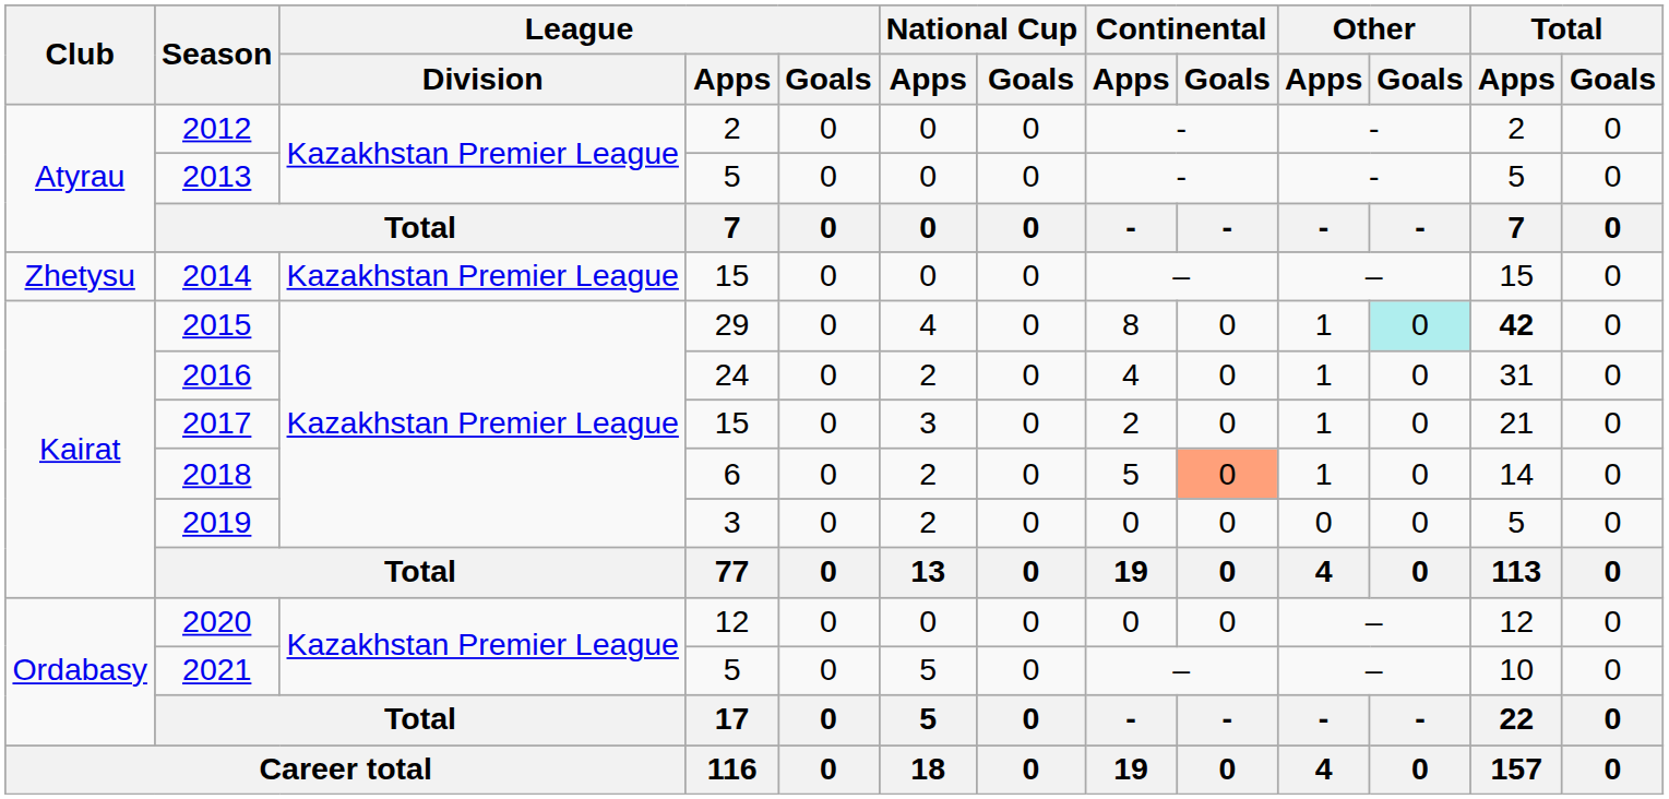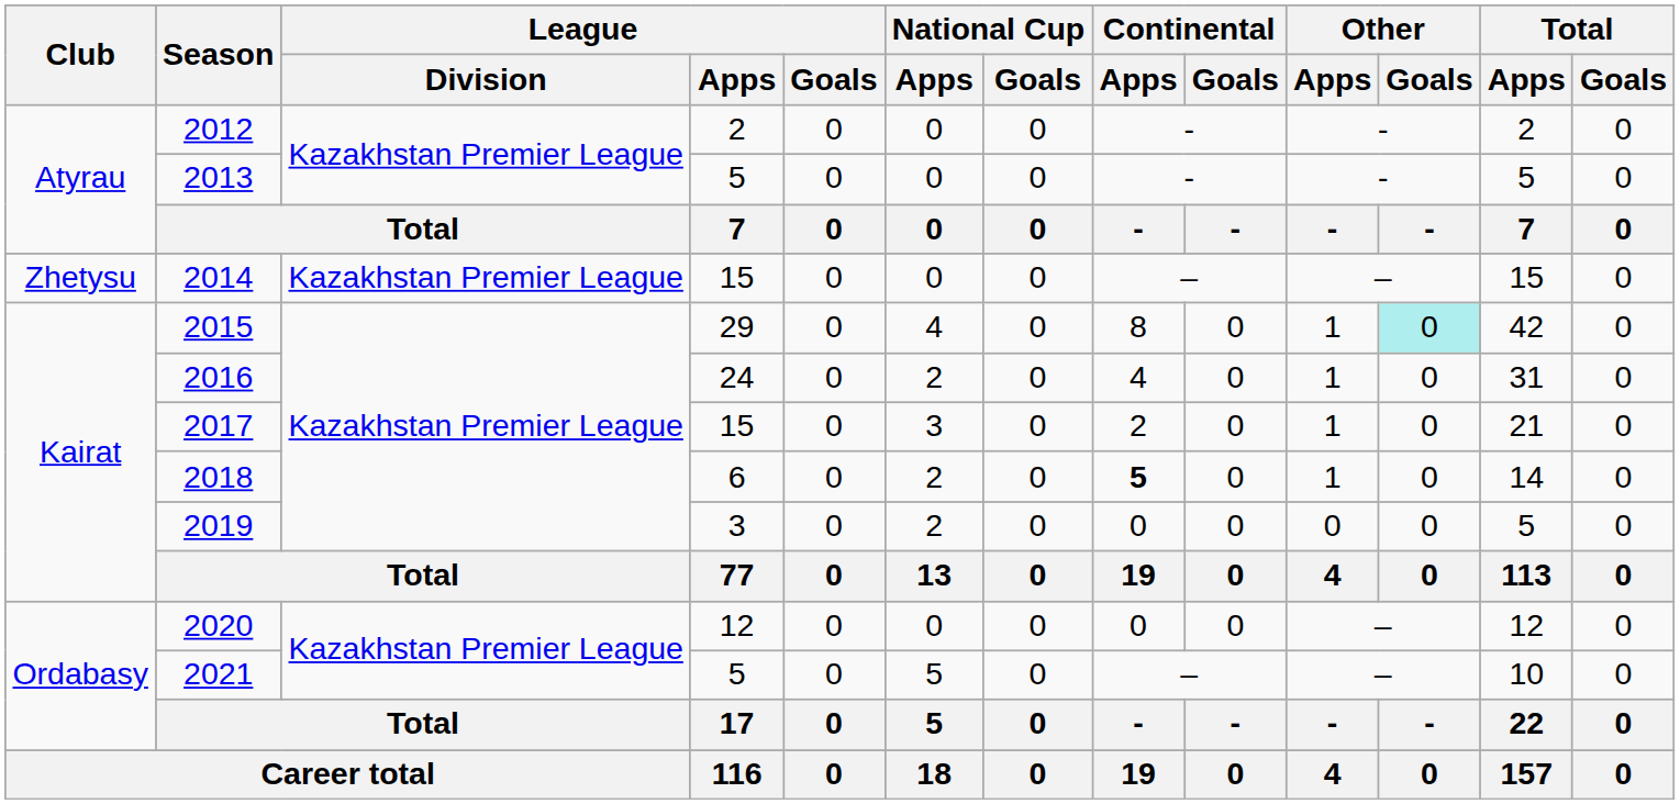 <table class="wikitable" style="text-align: center;">
 <tr>
 <th rowspan="2">Club</th>
 <th rowspan="2">Season</th>
 <th colspan="3">League</th>
 <th colspan="2">National Cup</th>
 <th colspan="2">Continental</th>
 <th colspan="2">Other</th>
 <th colspan="2">Total</th>
 </tr>
 <tr>
 <th>Division</th>
 <th>Apps</th>
 <th>Goals</th>
 <th>Apps</th>
 <th>Goals</th>
 <th>Apps</th>
 <th>Goals</th>
 <th>Apps</th>
 <th>Goals</th>
 <th>Apps</th>
 <th>Goals</th>
 </tr>
 <tr>
 <td rowspan="3" valign="center"><a href='#'>Atyrau</a></td>
 <td><a href='#'>2012</a></td>
 <td rowspan="2" valign="center"><a href='#'>Kazakhstan Premier League</a></td>
 <td>2</td>
 <td>0</td>
 <td>0</td>
 <td>0</td>
 <td colspan="2">-</td>
 <td colspan="2">-</td>
 <td>2</td>
 <td>0</td>
 </tr>
 <tr>
 <td><a href='#'>2013</a></td>
 <td>5</td>
 <td>0</td>
 <td>0</td>
 <td>0</td>
 <td colspan="2">-</td>
 <td colspan="2">-</td>
 <td>5</td>
 <td>0</td>
 </tr>
 <tr>
 <th colspan="2">Total</th>
 <th>7</th>
 <th>0</th>
 <th>0</th>
 <th>0</th>
 <th>-</th>
 <th>-</th>
 <th>-</th>
 <th>-</th>
 <th>7</th>
 <th>0</th>
 </tr>
 <tr>
 <td valign="center"><a href='#'>Zhetysu</a></td>
 <td><a href='#'>2014</a></td>
 <td><a href='#'>Kazakhstan Premier League</a></td>
 <td>15</td>
 <td>0</td>
 <td>0</td>
 <td>0</td>
 <td colspan="2">–</td>
 <td colspan="2">–</td>
 <td>15</td>
 <td>0</td>
 </tr>
 <tr>
 <td rowspan="6" valign="center"><a href='#'>Kairat</a></td>
 <td><a href='#'>2015</a></td>
 <td rowspan="5" valign="center"><a href='#'>Kazakhstan Premier League</a></td>
 <td>29</td>
 <td>0</td>
 <td>4</td>
 <td>0</td>
 <td>8</td>
 <td>0</td>
 <td>1</td>
 <td style="background: paleturquoise;">0</td>
-<td><strong>42</strong></td>
+<td>42</td>
 <td>0</td>
 </tr>
 <tr>
 <td><a href='#'>2016</a></td>
 <td>24</td>
 <td>0</td>
 <td>2</td>
 <td>0</td>
 <td>4</td>
 <td>0</td>
 <td>1</td>
 <td>0</td>
 <td>31</td>
 <td>0</td>
 </tr>
 <tr>
 <td><a href='#'>2017</a></td>
 <td>15</td>
 <td>0</td>
 <td>3</td>
 <td>0</td>
 <td>2</td>
 <td>0</td>
 <td>1</td>
 <td>0</td>
 <td>21</td>
 <td>0</td>
 </tr>
 <tr>
 <td><a href='#'>2018</a></td>
 <td>6</td>
 <td>0</td>
 <td>2</td>
 <td>0</td>
-<td>5</td>
-<td style="background: lightsalmon;">0</td>
+<td><strong>5</strong></td>
+<td>0</td>
 <td>1</td>
 <td>0</td>
 <td>14</td>
 <td>0</td>
 </tr>
 <tr>
 <td><a href='#'>2019</a></td>
 <td>3</td>
 <td>0</td>
 <td>2</td>
 <td>0</td>
 <td>0</td>
 <td>0</td>
 <td>0</td>
 <td>0</td>
 <td>5</td>
 <td>0</td>
 </tr>
 <tr>
 <th colspan="2">Total</th>
 <th>77</th>
 <th>0</th>
 <th>13</th>
 <th>0</th>
 <th>19</th>
 <th>0</th>
 <th>4</th>
 <th>0</th>
 <th>113</th>
 <th>0</th>
 </tr>
 <tr>
 <td rowspan="3" valign="center"><a href='#'>Ordabasy</a></td>
 <td><a href='#'>2020</a></td>
 <td rowspan="2" valign="center"><a href='#'>Kazakhstan Premier League</a></td>
 <td>12</td>
 <td>0</td>
 <td>0</td>
 <td>0</td>
 <td>0</td>
 <td>0</td>
 <td colspan="2">–</td>
 <td>12</td>
 <td>0</td>
 </tr>
 <tr>
 <td><a href='#'>2021</a></td>
 <td>5</td>
 <td>0</td>
 <td>5</td>
 <td>0</td>
 <td colspan="2">–</td>
 <td colspan="2">–</td>
 <td>10</td>
 <td>0</td>
 </tr>
 <tr>
 <th colspan="2">Total</th>
 <th>17</th>
 <th>0</th>
 <th>5</th>
 <th>0</th>
 <th>-</th>
 <th>-</th>
 <th>-</th>
 <th>-</th>
 <th>22</th>
 <th>0</th>
 </tr>
 <tr>
 <th colspan="3">Career total</th>
 <th>116</th>
 <th>0</th>
 <th>18</th>
 <th>0</th>
 <th>19</th>
 <th>0</th>
 <th>4</th>
 <th>0</th>
 <th>157</th>
 <th>0</th>
 </tr>
 </table>
